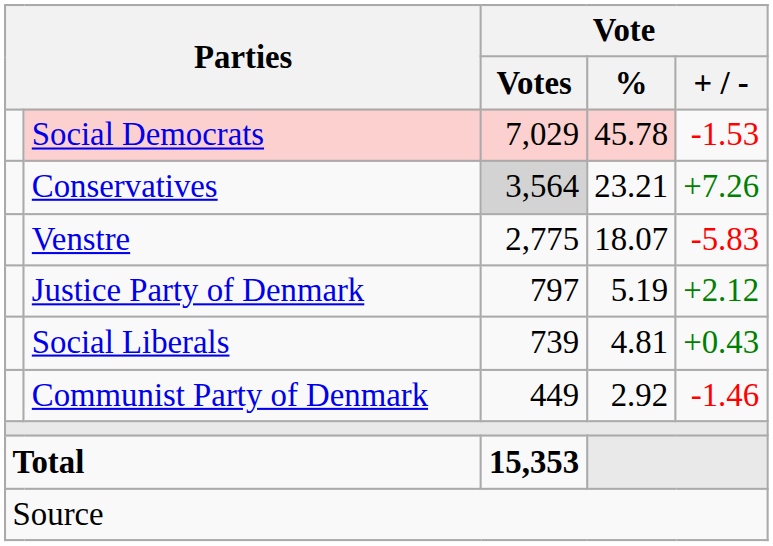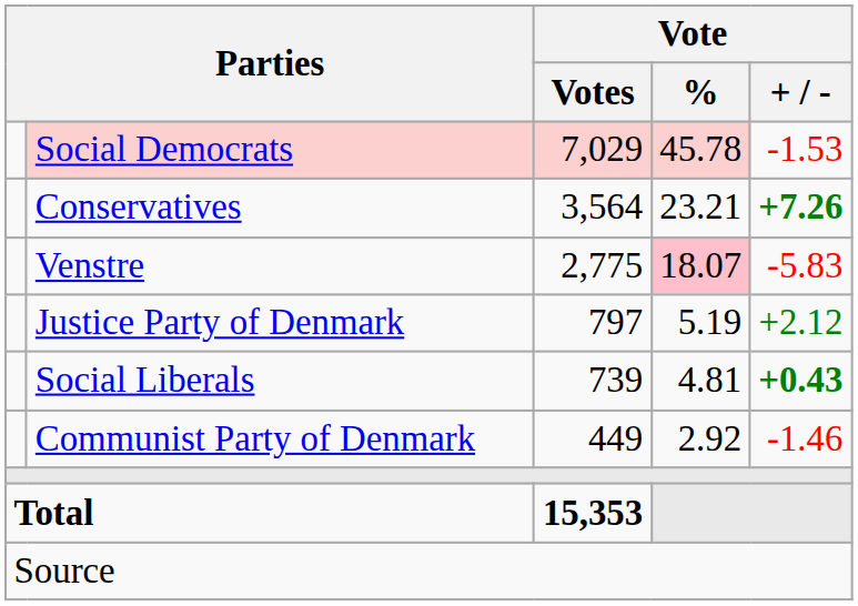 <table class="wikitable" style="text-align:right;">
 <tr>
 <th style="text-align:centre;" rowspan="2" colspan="2" width="225">Parties</th>
 <th colspan="3">Vote</th>
 </tr>
 <tr>
 <th width="15">Votes</th>
 <th width="15">%</th>
 <th width="15">+ / -</th>
 </tr>
 <tr>
 <td width="2" style="color:inherit;background:"></td>
 <td bgcolor=#fbd0ce  align="left"><a href='#'>Social Democrats</a></td>
 <td bgcolor=#fbd0ce>7,029</td>
 <td bgcolor=#fbd0ce>45.78</td>
 <td style=color:red;>-1.53</td>
 </tr>
 <tr>
 <td width="2" style="color:inherit;background:"></td>
 <td align="left"><a href='#'>Conservatives</a></td>
-<td style="background: lightgrey;">3,564</td>
+<td>3,564</td>
 <td>23.21</td>
-<td style=color:green;>+7.26</td>
+<td style=color:green;><strong>+7.26</strong></td>
 </tr>
 <tr>
 <td width="2" style="color:inherit;background:"></td>
 <td align="left"><a href='#'>Venstre</a></td>
 <td>2,775</td>
-<td>18.07</td>
+<td style="background: pink;">18.07</td>
 <td style=color:red;>-5.83</td>
 </tr>
 <tr>
 <td width="2" style="color:inherit;background:"></td>
 <td align="left"><a href='#'>Justice Party of Denmark</a></td>
 <td>797</td>
 <td>5.19</td>
 <td style=color:green;>+2.12</td>
 </tr>
 <tr>
 <td width="2" style="color:inherit;background:"></td>
 <td align="left"><a href='#'>Social Liberals</a></td>
 <td>739</td>
 <td>4.81</td>
-<td style=color:green;>+0.43</td>
+<td style=color:green;><strong>+0.43</strong></td>
 </tr>
 <tr>
 <td width="2" style="color:inherit;background:"></td>
 <td align="left"><a href='#'>Communist Party of Denmark</a></td>
 <td>449</td>
 <td>2.92</td>
 <td style=color:red;>-1.46</td>
 </tr>
 <tr>
 <td colspan="7" bgcolor="#E9E9E9"></td>
 </tr>
 <tr>
 <td align="left" colspan="2"><strong>Total</strong></td>
 <td><strong>15,353</strong></td>
 <td bgcolor="#E9E9E9" colspan="2"></td>
 </tr>
 <tr>
 <td align="left" colspan="6">Source</td>
 </tr>
 </table>
